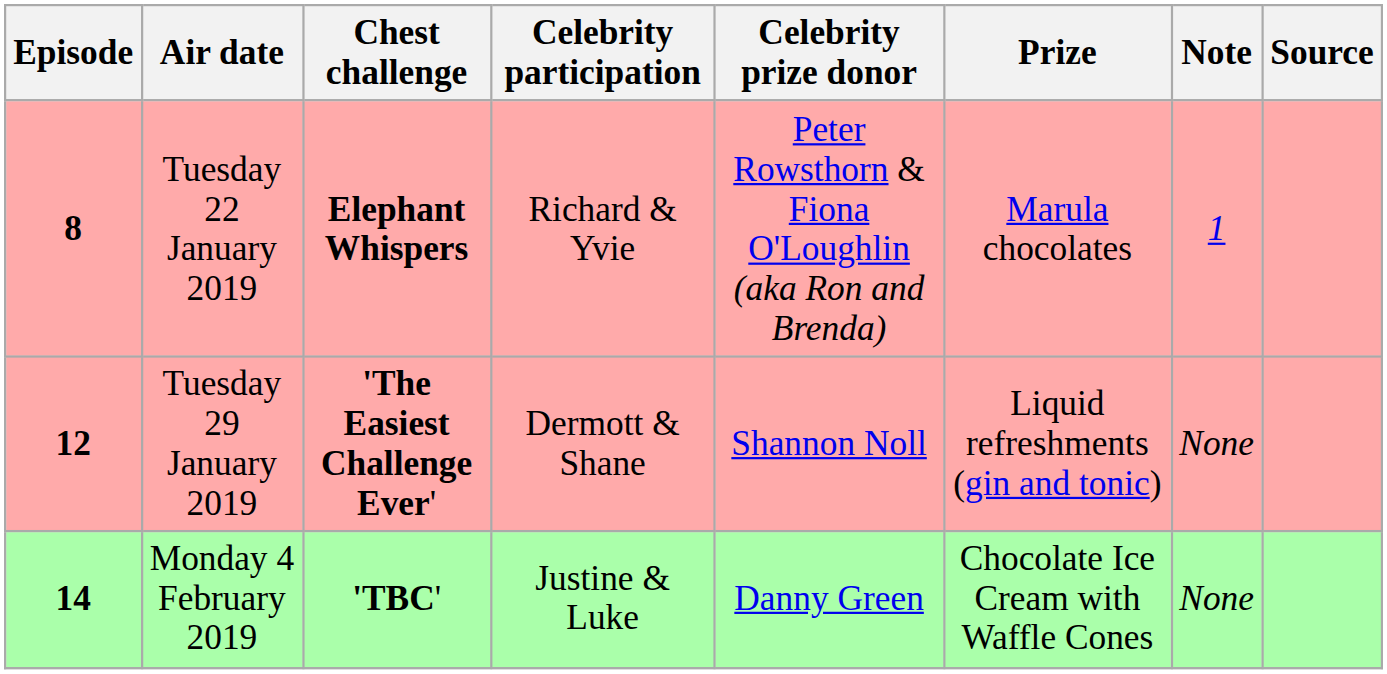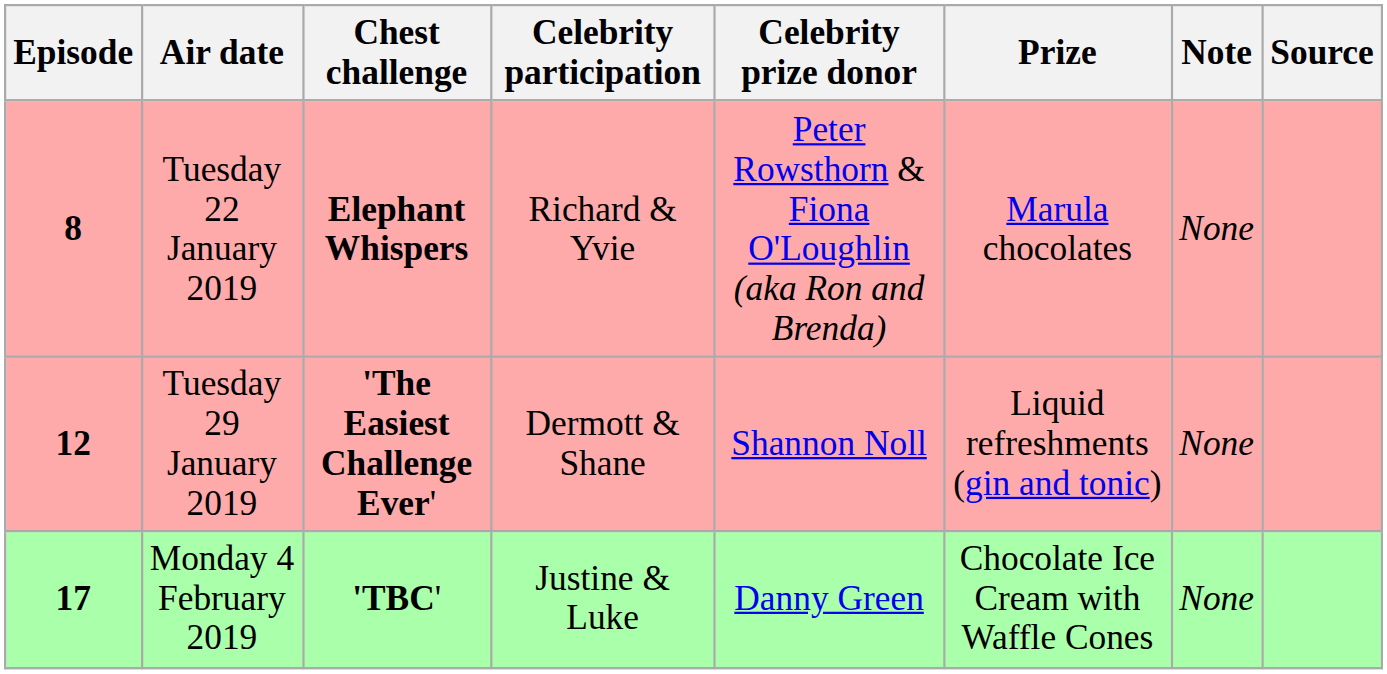 <table class="wikitable" style="margin:auto; text-align:center;">
 <tr>
 <th>Episode</th>
 <th>Air date</th>
 <th>Chest challenge</th>
 <th>Celebrity participation</th>
 <th>Celebrity prize donor</th>
 <th>Prize</th>
 <th>Note</th>
 <th>Source</th>
 </tr>
 <tr style="background:#ffaaaa">
 <td><strong>8</strong></td>
 <td>Tuesday 22 January 2019</td>
 <td><strong>Elephant Whispers</strong></td>
 <td>Richard & Yvie</td>
 <td><a href='#'>Peter Rowsthorn</a> & <a href='#'>Fiona O'Loughlin</a> <em>(aka Ron and Brenda)</em></td>
 <td><a href='#'>Marula</a> chocolates</td>
-<td><em><a href='#'>1</a></em></td>
+<td><em>None</em></td>
 <td></td>
 </tr>
 <tr style="background:#ffaaaa">
 <td><strong>12</strong></td>
 <td>Tuesday 29 January 2019</td>
 <td><strong>'The Easiest Challenge Ever</strong>'</td>
 <td>Dermott & Shane</td>
 <td><a href='#'>Shannon Noll</a></td>
 <td>Liquid refreshments (<a href='#'>gin and tonic</a>)</td>
 <td><em>None</em></td>
 <td></td>
 </tr>
 <tr style="background:#aaffaa">
-<td><strong>14</strong></td>
+<td><strong>17</strong></td>
 <td>Monday 4 February 2019</td>
 <td><strong>'TBC</strong>'</td>
 <td>Justine & Luke</td>
 <td><a href='#'>Danny Green</a></td>
 <td>Chocolate Ice Cream with Waffle Cones</td>
 <td><em>None</em></td>
 <td></td>
 </tr>
 <tr>
 </tr>
 </table>
